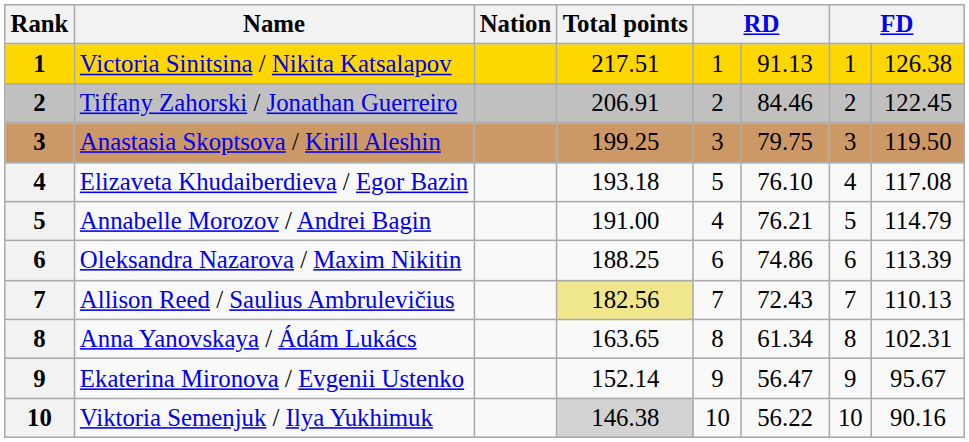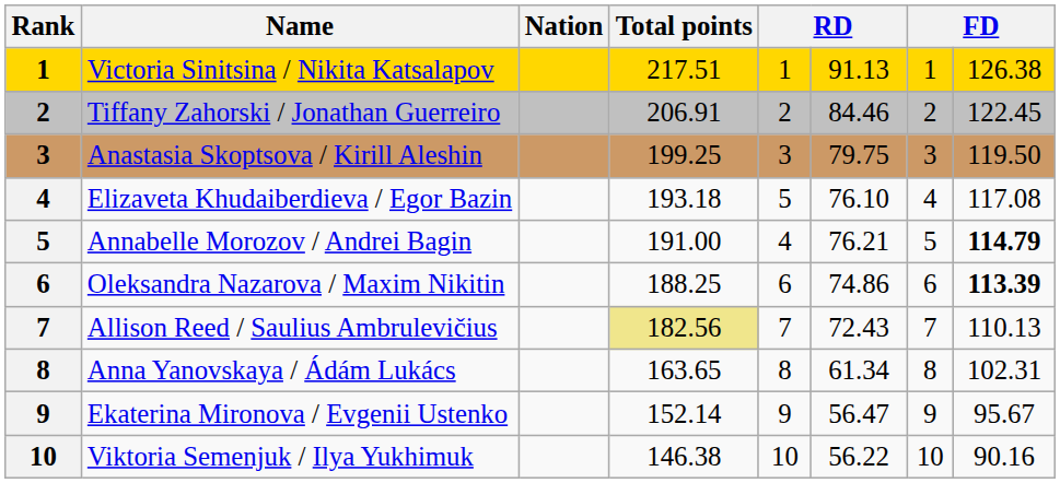 <table class="wikitable sortable">
 <tr>
 <th>Rank</th>
 <th>Name</th>
 <th>Nation</th>
 <th>Total points</th>
 <th colspan="2" width="80px"><a href='#'>RD</a></th>
 <th colspan="2" width="80px"><a href='#'>FD</a></th>
 </tr>
 <tr bgcolor="gold">
 <td align="center"><strong>1</strong></td>
 <td><a href='#'>Victoria Sinitsina</a> / <a href='#'>Nikita Katsalapov</a></td>
 <td></td>
 <td align="center">217.51</td>
 <td align="center">1</td>
 <td align="center">91.13</td>
 <td align="center">1</td>
 <td align="center">126.38</td>
 </tr>
 <tr bgcolor="silver">
 <td align="center"><strong>2</strong></td>
 <td><a href='#'>Tiffany Zahorski</a> / <a href='#'>Jonathan Guerreiro</a></td>
 <td></td>
 <td align="center">206.91</td>
 <td align="center">2</td>
 <td align="center">84.46</td>
 <td align="center">2</td>
 <td align="center">122.45</td>
 </tr>
 <tr bgcolor="cc9966">
 <td align="center"><strong>3</strong></td>
 <td><a href='#'>Anastasia Skoptsova</a> / <a href='#'>Kirill Aleshin</a></td>
 <td></td>
 <td align="center">199.25</td>
 <td align="center">3</td>
 <td align="center">79.75</td>
 <td align="center">3</td>
 <td align="center">119.50</td>
 </tr>
 <tr>
 <th>4</th>
 <td><a href='#'>Elizaveta Khudaiberdieva</a> / <a href='#'>Egor Bazin</a></td>
 <td></td>
 <td align="center">193.18</td>
 <td align="center">5</td>
 <td align="center">76.10</td>
 <td align="center">4</td>
 <td align="center">117.08</td>
 </tr>
 <tr>
 <th>5</th>
 <td><a href='#'>Annabelle Morozov</a> / <a href='#'>Andrei Bagin</a></td>
 <td></td>
 <td align="center">191.00</td>
 <td align="center">4</td>
 <td align="center">76.21</td>
 <td align="center">5</td>
-<td align="center">114.79</td>
+<td align="center"><strong>114.79</strong></td>
 </tr>
 <tr>
 <th>6</th>
 <td><a href='#'>Oleksandra Nazarova</a> / <a href='#'>Maxim Nikitin</a></td>
 <td></td>
 <td align="center">188.25</td>
 <td align="center">6</td>
 <td align="center">74.86</td>
 <td align="center">6</td>
-<td align="center">113.39</td>
+<td align="center"><strong>113.39</strong></td>
 </tr>
 <tr>
 <th>7</th>
 <td><a href='#'>Allison Reed</a> / <a href='#'>Saulius Ambrulevičius</a></td>
 <td></td>
 <td align="center" style="background: khaki;">182.56</td>
 <td align="center">7</td>
 <td align="center">72.43</td>
 <td align="center">7</td>
 <td align="center">110.13</td>
 </tr>
 <tr>
 <th>8</th>
 <td><a href='#'>Anna Yanovskaya</a> / <a href='#'>Ádám Lukács</a></td>
 <td></td>
 <td align="center">163.65</td>
 <td align="center">8</td>
 <td align="center">61.34</td>
 <td align="center">8</td>
 <td align="center">102.31</td>
 </tr>
 <tr>
 <th>9</th>
 <td><a href='#'>Ekaterina Mironova</a> / <a href='#'>Evgenii Ustenko</a></td>
 <td></td>
 <td align="center">152.14</td>
 <td align="center">9</td>
 <td align="center">56.47</td>
 <td align="center">9</td>
 <td align="center">95.67</td>
 </tr>
 <tr>
 <th>10</th>
 <td><a href='#'>Viktoria Semenjuk</a> / <a href='#'>Ilya Yukhimuk</a></td>
 <td></td>
-<td align="center" style="background: lightgrey;">146.38</td>
+<td align="center">146.38</td>
 <td align="center">10</td>
 <td align="center">56.22</td>
 <td align="center">10</td>
 <td align="center">90.16</td>
 </tr>
 </table>
